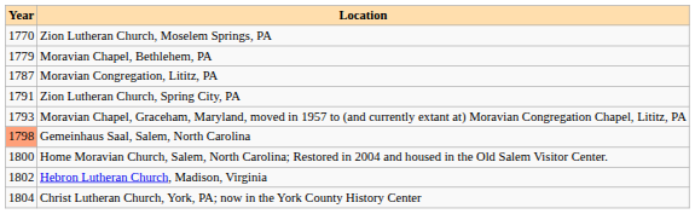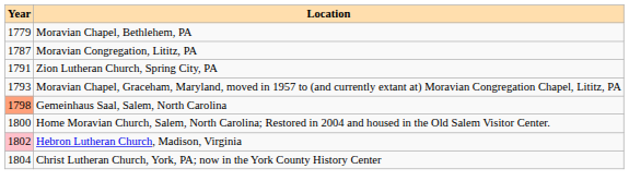 <table class="wikitable" style="align: center; float: center; margin-left: 0.5em">
 <tr>
 <th style="background:#ffdead;">Year</th>
 <th style="background:#ffdead;">Location</th>
-</tr>
-<tr>
-<td>1770</td>
-<td>Zion Lutheran Church, Moselem Springs, PA</td>
 </tr>
 <tr>
 <td>1779</td>
 <td>Moravian Chapel, Bethlehem, PA</td>
 </tr>
 <tr>
 <td>1787</td>
 <td>Moravian Congregation, Lititz, PA</td>
 </tr>
 <tr>
 <td>1791</td>
 <td>Zion Lutheran Church, Spring City, PA</td>
 </tr>
 <tr>
 <td>1793</td>
 <td>Moravian Chapel, Graceham, Maryland, moved in 1957 to (and currently extant at) Moravian Congregation Chapel, Lititz, PA</td>
 </tr>
 <tr>
 <td style="background: lightsalmon;">1798</td>
 <td>Gemeinhaus Saal, Salem, North Carolina</td>
 </tr>
 <tr>
 <td>1800</td>
 <td>Home Moravian Church, Salem, North Carolina; Restored in 2004 and housed in the Old Salem Visitor Center.</td>
 </tr>
 <tr>
-<td>1802</td>
+<td style="background: pink;">1802</td>
 <td><a href='#'>Hebron Lutheran Church</a>, Madison, Virginia</td>
 </tr>
 <tr>
 <td>1804</td>
 <td>Christ Lutheran Church, York, PA; now in the York County History Center</td>
 </tr>
 </table>
